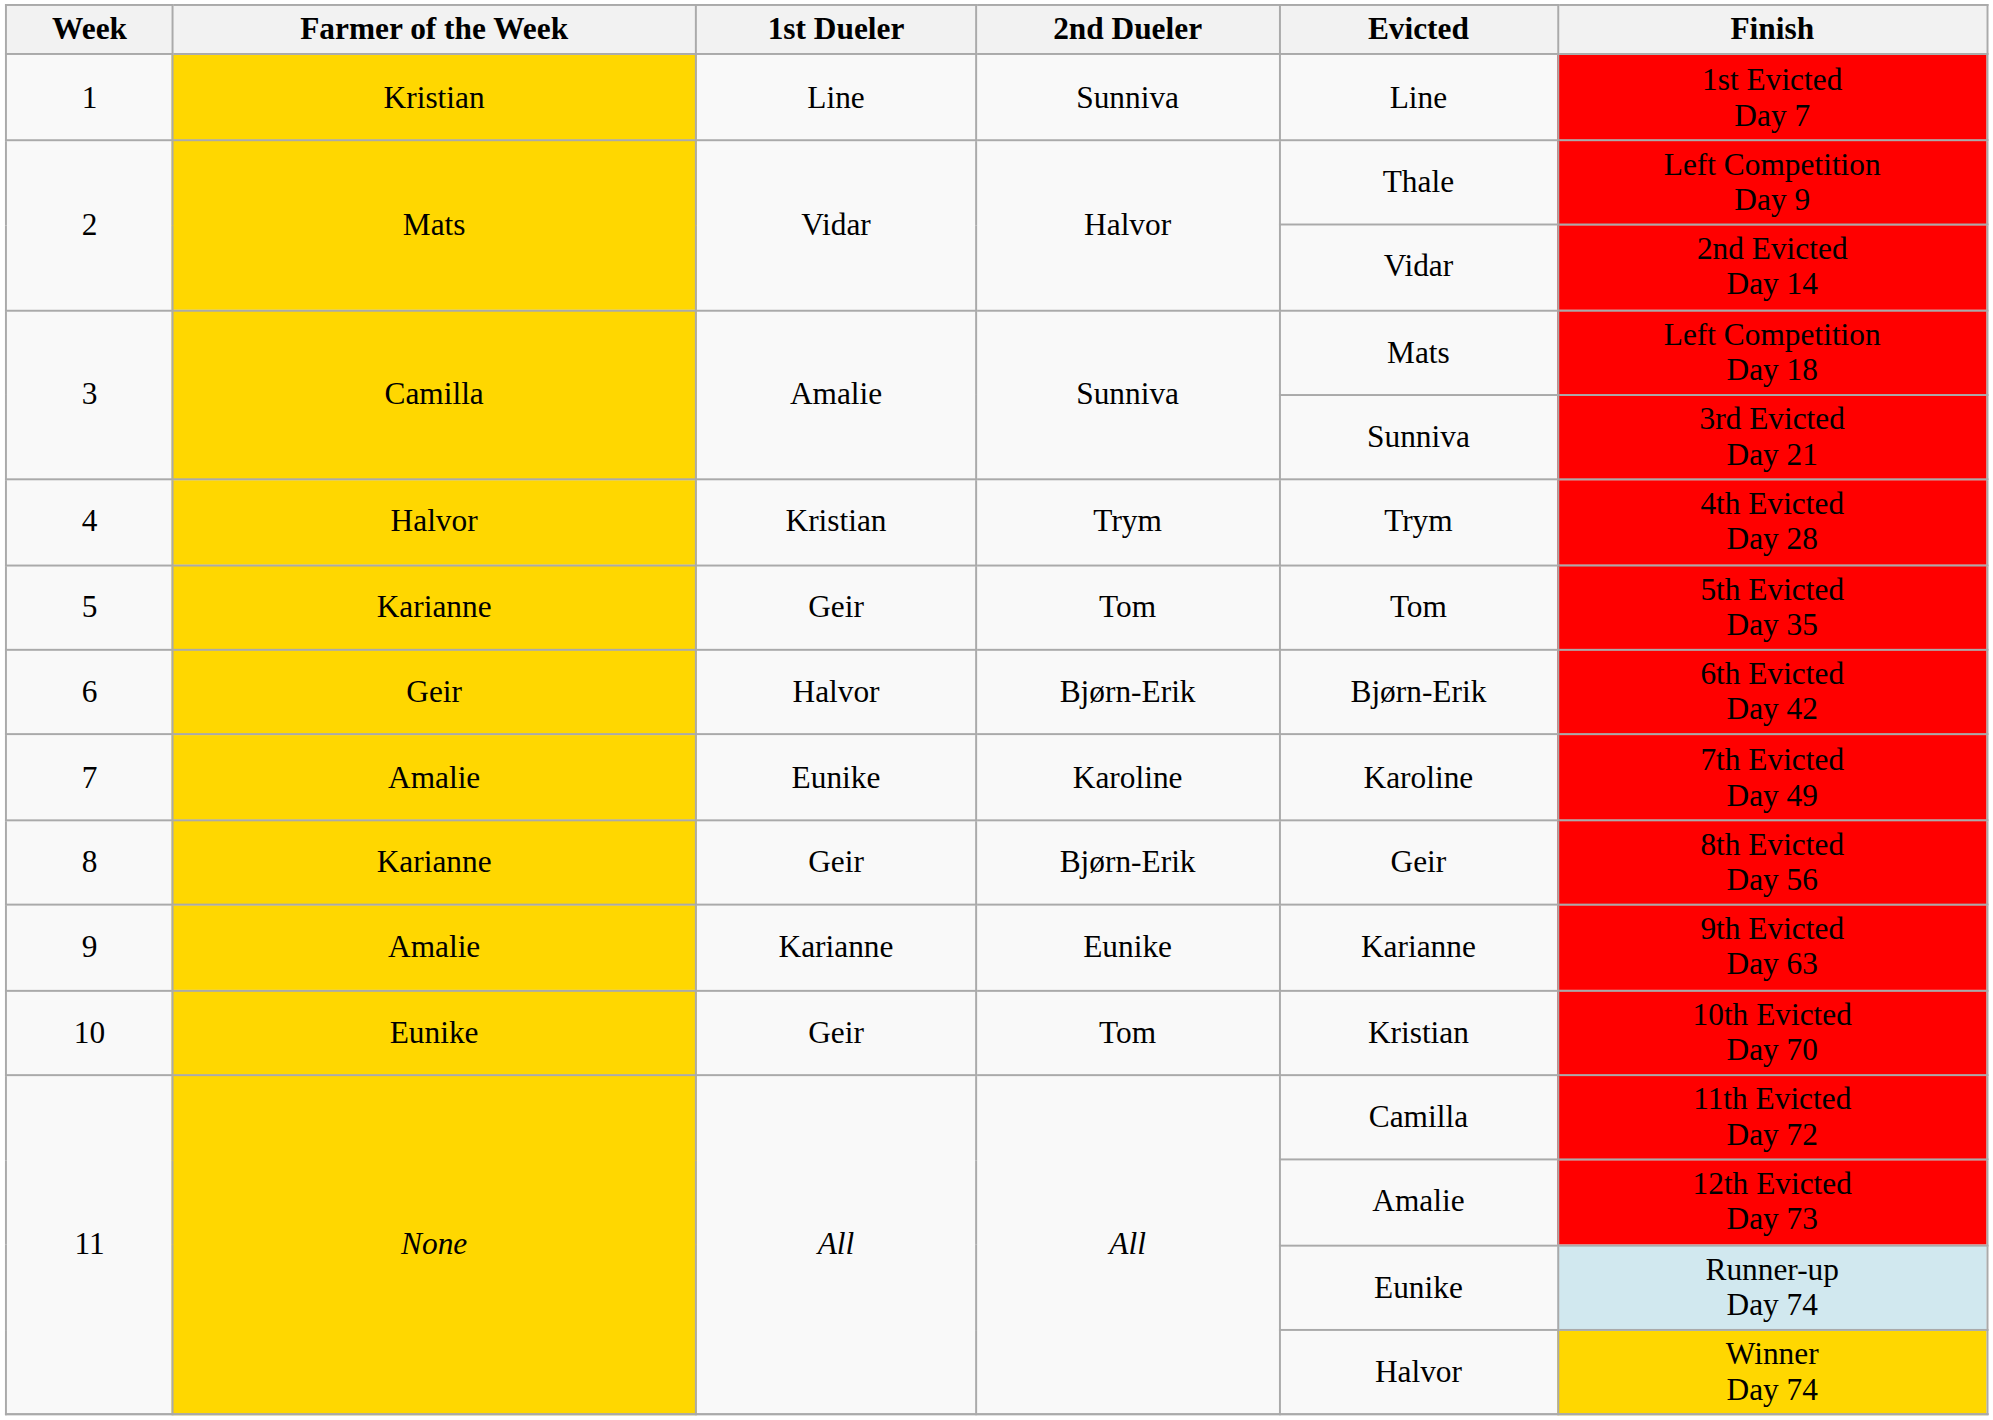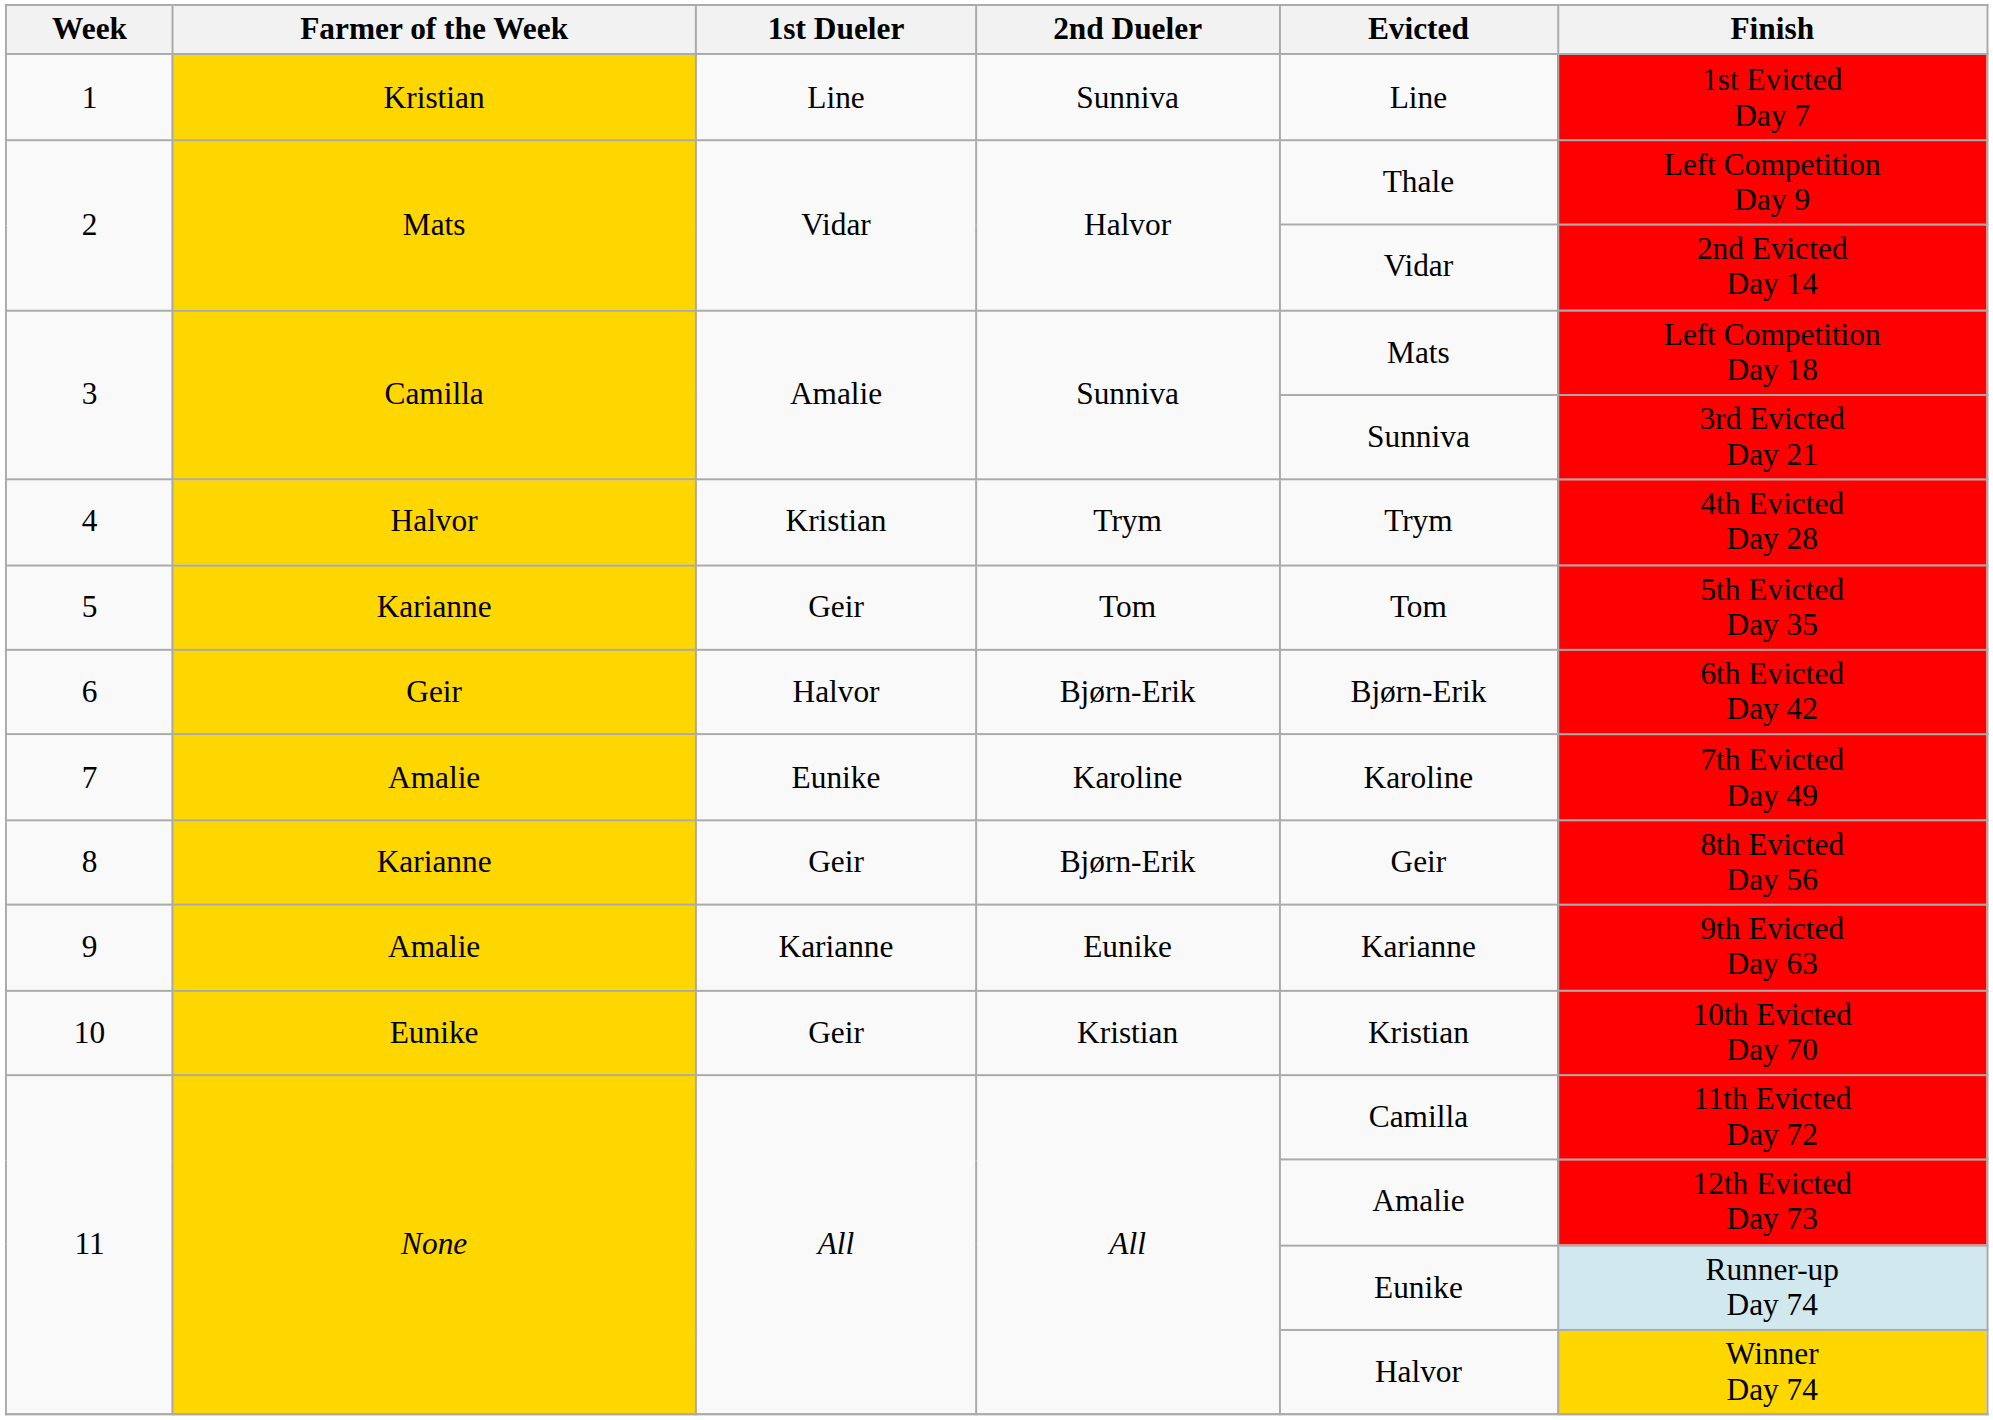 <table class="wikitable" style="font-size:100%; text-align:center; width: 80%; margin-left: auto; margin-right: auto;">
 <tr>
 <th>Week</th>
 <th>Farmer of the Week</th>
 <th>1st Dueler</th>
 <th>2nd Dueler</th>
 <th>Evicted</th>
 <th>Finish</th>
 </tr>
 <tr>
 <td>1</td>
 <td style="background:gold;">Kristian</td>
 <td>Line</td>
 <td>Sunniva</td>
 <td>Line</td>
 <td style="background:#ff0000">1st Evicted<br>Day 7</td>
 </tr>
 <tr>
 <td rowspan="2">2</td>
 <td rowspan="2" style="background:gold;">Mats</td>
 <td rowspan="2">Vidar</td>
 <td rowspan="2">Halvor</td>
 <td rowspan="1">Thale</td>
 <td rowspan="1" style="background:#ff0000">Left Competition<br>Day 9</td>
 </tr>
 <tr>
 <td rowspan="1">Vidar</td>
 <td rowspan="1" style="background:#ff0000">2nd Evicted<br>Day 14</td>
 </tr>
 <tr>
 <td rowspan="2">3</td>
 <td rowspan="2" style="background:gold;">Camilla</td>
 <td rowspan="2">Amalie</td>
 <td rowspan="2">Sunniva</td>
 <td rowspan="1">Mats</td>
 <td rowspan="1" style="background:#ff0000">Left Competition<br>Day 18</td>
 </tr>
 <tr>
 <td rowspan="1">Sunniva</td>
 <td rowspan="1" style="background:#ff0000">3rd Evicted<br>Day 21</td>
 </tr>
 <tr>
 <td>4</td>
 <td style="background:gold;">Halvor</td>
 <td>Kristian</td>
 <td>Trym</td>
 <td>Trym</td>
 <td style="background:#ff0000">4th Evicted<br>Day 28</td>
 </tr>
 <tr>
 <td>5</td>
 <td style="background:gold;">Karianne</td>
 <td>Geir</td>
 <td>Tom</td>
 <td>Tom</td>
 <td style="background:#ff0000">5th Evicted<br>Day 35</td>
 </tr>
 <tr>
 <td>6</td>
 <td style="background:gold;">Geir</td>
 <td>Halvor</td>
 <td>Bjørn-Erik</td>
 <td>Bjørn-Erik</td>
 <td style="background:#ff0000">6th Evicted<br>Day 42</td>
 </tr>
 <tr>
 <td>7</td>
 <td style="background:gold;">Amalie</td>
 <td>Eunike</td>
 <td>Karoline</td>
 <td>Karoline</td>
 <td style="background:#ff0000">7th Evicted<br>Day 49</td>
 </tr>
 <tr>
 <td>8</td>
 <td style="background:gold;">Karianne</td>
 <td>Geir</td>
 <td>Bjørn-Erik</td>
 <td>Geir</td>
 <td style="background:#ff0000">8th Evicted<br>Day 56</td>
 </tr>
 <tr>
 <td>9</td>
 <td style="background:gold;">Amalie</td>
 <td>Karianne</td>
 <td>Eunike</td>
 <td>Karianne</td>
 <td style="background:#ff0000">9th Evicted<br>Day 63</td>
 </tr>
 <tr>
 <td>10</td>
 <td style="background:gold;">Eunike</td>
 <td>Geir</td>
-<td>Tom</td>
+<td>Kristian</td>
 <td>Kristian</td>
 <td style="background:#ff0000">10th Evicted<br>Day 70</td>
 </tr>
 <tr>
 <td rowspan="4">11</td>
 <td rowspan="4" style="background:gold;"><em>None</em></td>
 <td rowspan="4"><em>All</em></td>
 <td rowspan="4"><em>All</em></td>
 <td>Camilla</td>
 <td style="background:#ff0000">11th Evicted<br>Day 72</td>
 </tr>
 <tr>
 <td>Amalie</td>
 <td style="background:#ff0000">12th Evicted<br>Day 73</td>
 </tr>
 <tr>
 <td>Eunike</td>
 <td style="background:#D1E8EF;">Runner-up<br>Day 74</td>
 </tr>
 <tr>
 <td>Halvor</td>
 <td style="background:gold;">Winner<br>Day 74</td>
 </tr>
 <tr>
 </tr>
 </table>
